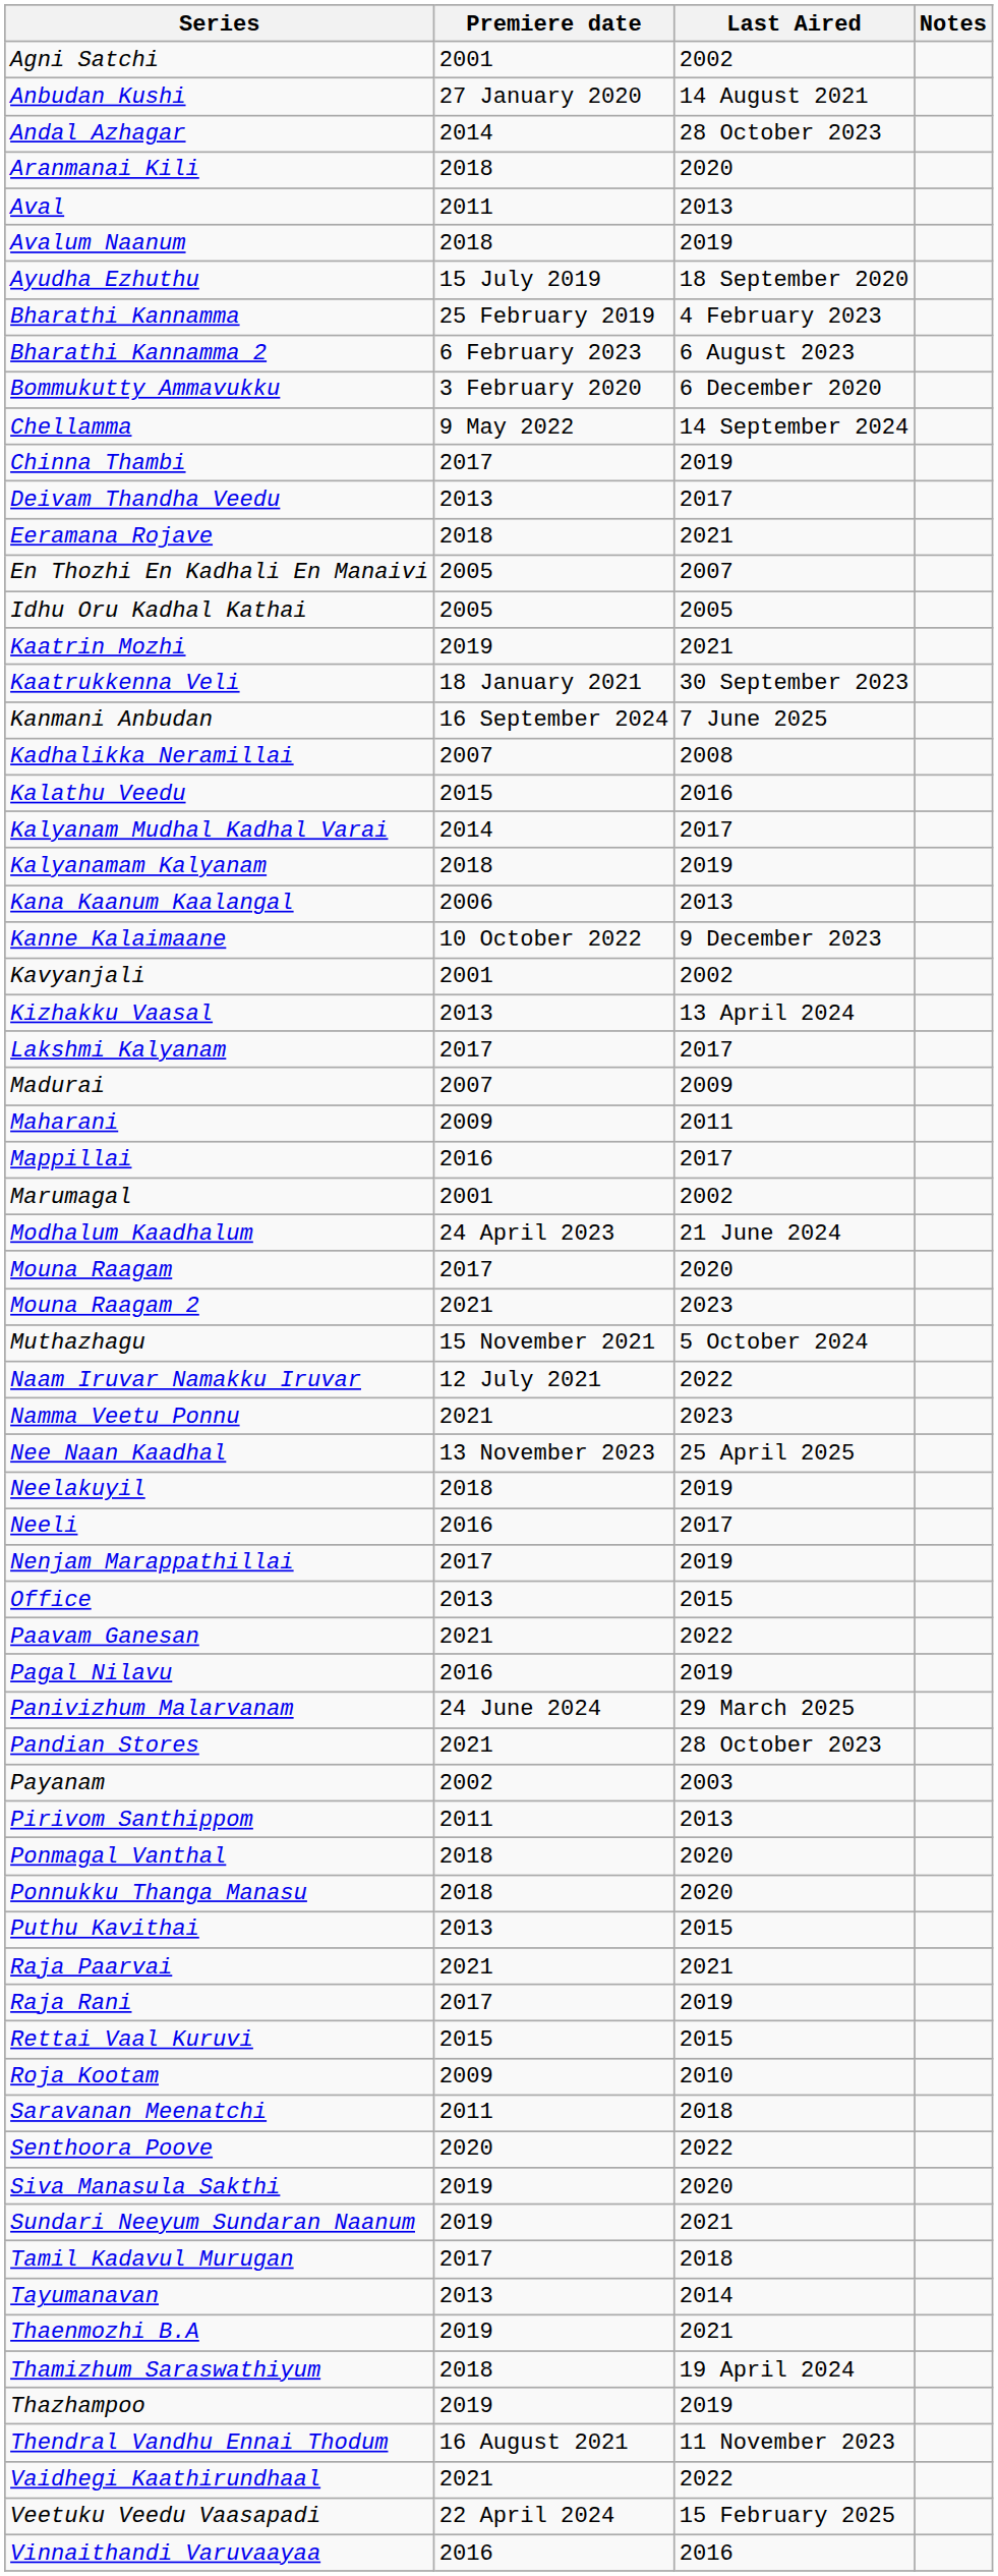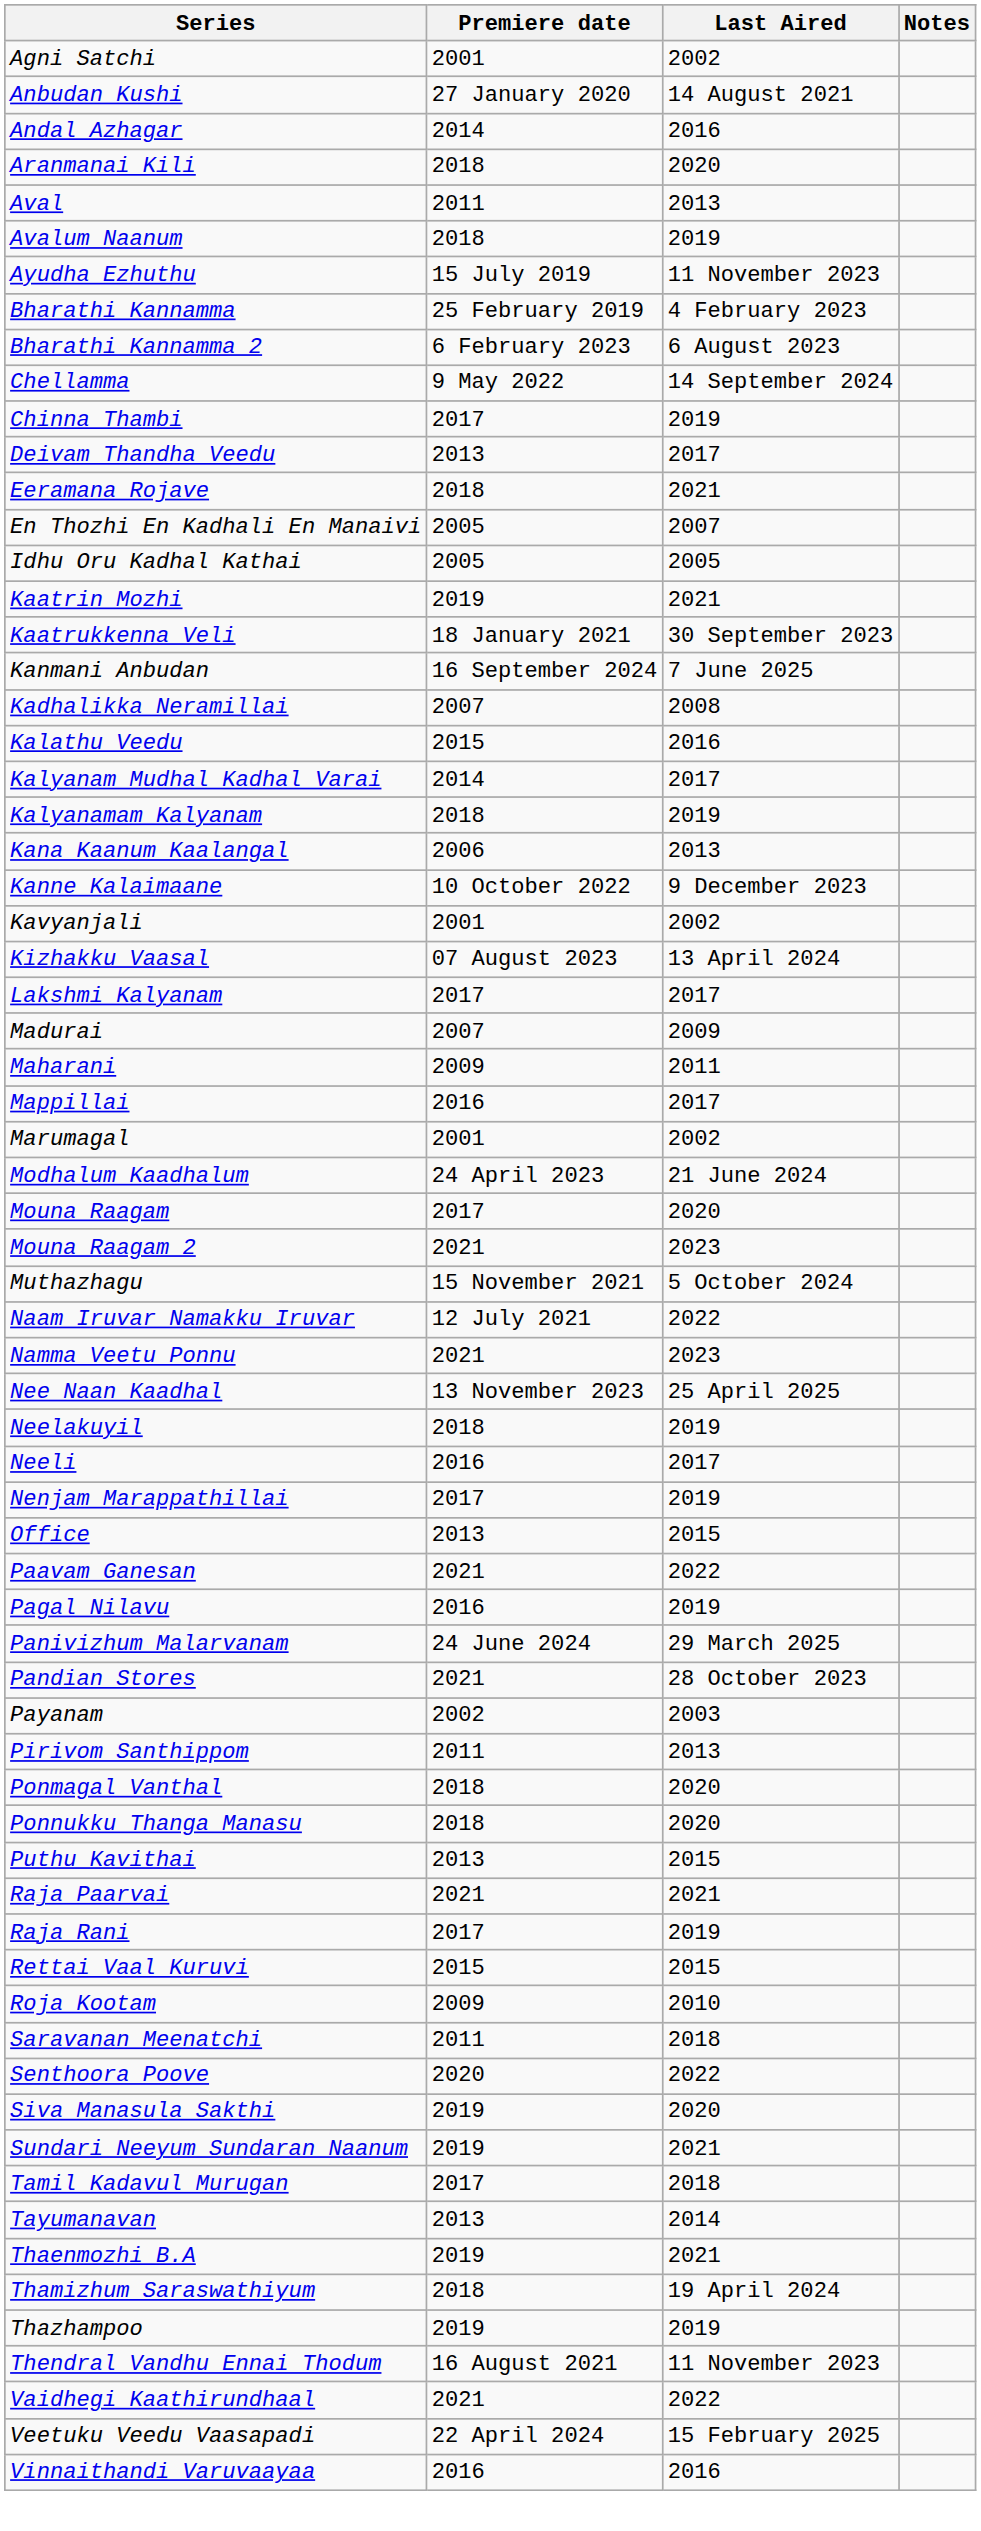 <table class="wikitable sortable">
 <tr>
 <th>Series</th>
 <th>Premiere date</th>
 <th>Last Aired</th>
 <th>Notes</th>
 </tr>
 <tr>
 <td><em>Agni Satchi</em></td>
 <td>2001</td>
 <td>2002</td>
 <td></td>
 </tr>
 <tr>
 <td><em><a href='#'>Anbudan Kushi</a></em></td>
 <td>27 January 2020</td>
 <td>14 August 2021</td>
 <td></td>
 </tr>
 <tr>
 <td><em><a href='#'>Andal Azhagar</a></em></td>
 <td>2014</td>
-<td>28 October 2023</td>
+<td>2016</td>
 <td></td>
 </tr>
 <tr>
 <td><em><a href='#'>Aranmanai Kili</a></em></td>
 <td>2018</td>
 <td>2020</td>
 <td></td>
 </tr>
 <tr>
 <td><em><a href='#'>Aval</a></em></td>
 <td>2011</td>
 <td>2013</td>
 <td></td>
 </tr>
 <tr>
 <td><em><a href='#'>Avalum Naanum</a></em></td>
 <td>2018</td>
 <td>2019</td>
 <td></td>
 </tr>
 <tr>
 <td><em><a href='#'>Ayudha Ezhuthu</a></em></td>
 <td>15 July 2019</td>
-<td>18 September 2020</td>
+<td>11 November 2023</td>
 <td></td>
 </tr>
 <tr>
 <td><em><a href='#'>Bharathi Kannamma</a></em></td>
 <td>25 February 2019</td>
 <td>4 February 2023</td>
 <td></td>
 </tr>
 <tr>
 <td><em><a href='#'>Bharathi Kannamma 2</a></em></td>
 <td>6 February 2023</td>
 <td>6 August 2023</td>
-<td></td>
-</tr>
-<tr>
-<td><em><a href='#'>Bommukutty Ammavukku</a></em></td>
-<td>3 February 2020</td>
-<td>6 December 2020</td>
 <td></td>
 </tr>
 <tr>
 <td><em><a href='#'>Chellamma</a></em></td>
 <td>9 May 2022</td>
 <td>14 September 2024</td>
 <td></td>
 </tr>
 <tr>
 <td><em><a href='#'>Chinna Thambi</a></em></td>
 <td>2017</td>
 <td>2019</td>
 <td></td>
 </tr>
 <tr>
 <td><em><a href='#'>Deivam Thandha Veedu</a></em></td>
 <td>2013</td>
 <td>2017</td>
 <td></td>
 </tr>
 <tr>
 <td><em><a href='#'>Eeramana Rojave</a></em></td>
 <td>2018</td>
 <td>2021</td>
 <td></td>
 </tr>
 <tr>
 <td><em>En Thozhi En Kadhali En Manaivi</em></td>
 <td>2005</td>
 <td>2007</td>
 <td></td>
 </tr>
 <tr>
 <td><em>Idhu Oru Kadhal Kathai</em></td>
 <td>2005</td>
 <td>2005</td>
 <td></td>
 </tr>
 <tr>
 <td><em><a href='#'>Kaatrin Mozhi</a></em></td>
 <td>2019</td>
 <td>2021</td>
 <td></td>
 </tr>
 <tr>
 <td><em><a href='#'>Kaatrukkenna Veli</a></em></td>
 <td>18 January 2021</td>
 <td>30 September 2023</td>
 <td></td>
 </tr>
 <tr>
 <td><em>Kanmani Anbudan</em></td>
 <td>16 September 2024</td>
 <td>7 June 2025</td>
 </tr>
 <tr>
 <td><em><a href='#'>Kadhalikka Neramillai</a></em></td>
 <td>2007</td>
 <td>2008</td>
 <td></td>
 </tr>
 <tr>
 <td><em><a href='#'>Kalathu Veedu</a></em></td>
 <td>2015</td>
 <td>2016</td>
 <td></td>
 </tr>
 <tr>
 <td><em><a href='#'>Kalyanam Mudhal Kadhal Varai</a></em></td>
 <td>2014</td>
 <td>2017</td>
 <td></td>
 </tr>
 <tr>
 <td><em><a href='#'>Kalyanamam Kalyanam</a></em></td>
 <td>2018</td>
 <td>2019</td>
 <td></td>
 </tr>
 <tr>
 <td><em><a href='#'>Kana Kaanum Kaalangal</a></em></td>
 <td>2006</td>
 <td>2013</td>
 <td></td>
 </tr>
 <tr>
 <td><em><a href='#'>Kanne Kalaimaane</a></em></td>
 <td>10 October 2022</td>
 <td>9 December 2023</td>
 <td></td>
 </tr>
 <tr>
 <td><em>Kavyanjali</em></td>
 <td>2001</td>
 <td>2002</td>
 <td></td>
 </tr>
 <tr>
 <td><em><a href='#'>Kizhakku Vaasal</a></em></td>
-<td>2013</td>
+<td>07 August 2023</td>
 <td>13 April 2024</td>
 <td></td>
 </tr>
 <tr>
 <td><em><a href='#'>Lakshmi Kalyanam</a></em></td>
 <td>2017</td>
 <td>2017</td>
 <td></td>
 </tr>
 <tr>
 <td><em>Madurai</em></td>
 <td>2007</td>
 <td>2009</td>
 <td></td>
 </tr>
 <tr>
 <td><em><a href='#'>Maharani</a></em></td>
 <td>2009</td>
 <td>2011</td>
 <td></td>
 </tr>
 <tr>
 <td><em><a href='#'>Mappillai</a></em></td>
 <td>2016</td>
 <td>2017</td>
 <td></td>
 </tr>
 <tr>
 <td><em>Marumagal</em></td>
 <td>2001</td>
 <td>2002</td>
 <td></td>
 </tr>
 <tr>
 <td><em><a href='#'>Modhalum Kaadhalum</a></em></td>
 <td>24 April 2023</td>
 <td>21 June 2024</td>
 <td></td>
 </tr>
 <tr>
 <td><em><a href='#'>Mouna Raagam</a></em></td>
 <td>2017</td>
 <td>2020</td>
 <td></td>
 </tr>
 <tr>
 <td><em><a href='#'>Mouna Raagam 2</a></em></td>
 <td>2021</td>
 <td>2023</td>
 </tr>
 <tr>
 <td><em>Muthazhagu</em></td>
 <td>15 November 2021</td>
 <td>5 October 2024</td>
 <td></td>
 </tr>
 <tr>
 <td><em><a href='#'>Naam Iruvar Namakku Iruvar</a></em></td>
 <td>12 July 2021</td>
 <td>2022</td>
 <td></td>
 </tr>
 <tr>
 <td><em><a href='#'>Namma Veetu Ponnu</a></em></td>
 <td>2021</td>
 <td>2023</td>
 <td></td>
 </tr>
 <tr>
 <td><em><a href='#'>Nee Naan Kaadhal</a></em></td>
 <td>13 November 2023</td>
 <td>25 April 2025</td>
 <td></td>
 </tr>
 <tr>
 <td><em><a href='#'>Neelakuyil</a></em></td>
 <td>2018</td>
 <td>2019</td>
 <td></td>
 </tr>
 <tr>
 <td><em><a href='#'>Neeli</a></em></td>
 <td>2016</td>
 <td>2017</td>
 <td></td>
 </tr>
 <tr>
 <td><em><a href='#'>Nenjam Marappathillai</a></em></td>
 <td>2017</td>
 <td>2019</td>
 <td></td>
 </tr>
 <tr>
 <td><em><a href='#'>Office</a></em></td>
 <td>2013</td>
 <td>2015</td>
 <td></td>
 </tr>
 <tr>
 <td><em><a href='#'>Paavam Ganesan</a></em></td>
 <td>2021</td>
 <td>2022</td>
 <td></td>
 </tr>
 <tr>
 <td><em><a href='#'>Pagal Nilavu</a></em></td>
 <td>2016</td>
 <td>2019</td>
 <td></td>
 </tr>
 <tr>
 <td><em><a href='#'>Panivizhum Malarvanam</a></em></td>
 <td>24 June 2024</td>
 <td>29 March 2025</td>
 <td></td>
 </tr>
 <tr>
 <td><em><a href='#'>Pandian Stores</a></em></td>
 <td>2021</td>
 <td>28 October 2023</td>
 <td></td>
 </tr>
 <tr>
 <td><em>Payanam</em></td>
 <td>2002</td>
 <td>2003</td>
 <td></td>
 </tr>
 <tr>
 <td><em><a href='#'>Pirivom Santhippom</a></em></td>
 <td>2011</td>
 <td>2013</td>
 <td></td>
 </tr>
 <tr>
 <td><em><a href='#'>Ponmagal Vanthal</a></em></td>
 <td>2018</td>
 <td>2020</td>
 <td></td>
 </tr>
 <tr>
 <td><em><a href='#'>Ponnukku Thanga Manasu</a></em></td>
 <td>2018</td>
 <td>2020</td>
 <td></td>
 </tr>
 <tr>
 <td><em><a href='#'>Puthu Kavithai</a></em></td>
 <td>2013</td>
 <td>2015</td>
 <td></td>
 </tr>
 <tr>
 <td><em><a href='#'>Raja Paarvai</a></em></td>
 <td>2021</td>
 <td>2021</td>
 <td></td>
 </tr>
 <tr>
 <td><em><a href='#'>Raja Rani</a></em></td>
 <td>2017</td>
 <td>2019</td>
 <td></td>
 </tr>
 <tr>
 <td><em><a href='#'>Rettai Vaal Kuruvi</a></em></td>
 <td>2015</td>
 <td>2015</td>
 <td></td>
 </tr>
 <tr>
 <td><em><a href='#'>Roja Kootam</a></em></td>
 <td>2009</td>
 <td>2010</td>
 <td></td>
 </tr>
 <tr>
 <td><em><a href='#'>Saravanan Meenatchi</a></em></td>
 <td>2011</td>
 <td>2018</td>
 <td></td>
 </tr>
 <tr>
 <td><em><a href='#'>Senthoora Poove</a></em></td>
 <td>2020</td>
 <td>2022</td>
 <td></td>
 </tr>
 <tr>
 <td><em><a href='#'>Siva Manasula Sakthi</a></em></td>
 <td>2019</td>
 <td>2020</td>
 <td></td>
 </tr>
 <tr>
 <td><em><a href='#'>Sundari Neeyum Sundaran Naanum</a></em></td>
 <td>2019</td>
 <td>2021</td>
 <td></td>
 </tr>
 <tr>
 <td><em><a href='#'>Tamil Kadavul Murugan</a></em></td>
 <td>2017</td>
 <td>2018</td>
 <td></td>
 </tr>
 <tr>
 <td><em><a href='#'>Tayumanavan</a></em></td>
 <td>2013</td>
 <td>2014</td>
 <td></td>
 </tr>
 <tr>
 <td><em><a href='#'>Thaenmozhi B.A</a></em></td>
 <td>2019</td>
 <td>2021</td>
 <td></td>
 </tr>
 <tr>
 <td><em><a href='#'>Thamizhum Saraswathiyum</a></em></td>
 <td>2018</td>
 <td>19 April 2024</td>
 <td></td>
 </tr>
 <tr>
 <td><em>Thazhampoo</em></td>
 <td>2019</td>
 <td>2019</td>
 <td></td>
 </tr>
 <tr>
 <td><em><a href='#'>Thendral Vandhu Ennai Thodum</a></em></td>
 <td>16 August 2021</td>
 <td>11 November 2023</td>
 <td></td>
 </tr>
 <tr>
 <td><em><a href='#'>Vaidhegi Kaathirundhaal</a></em></td>
 <td>2021</td>
 <td>2022</td>
 <td></td>
 </tr>
 <tr>
 <td><em>Veetuku Veedu Vaasapadi</em></td>
 <td>22 April 2024</td>
 <td>15 February 2025</td>
 <td></td>
 </tr>
 <tr>
 <td><em><a href='#'>Vinnaithandi Varuvaayaa</a></em></td>
 <td>2016</td>
 <td>2016</td>
 <td></td>
 </tr>
 </table>
